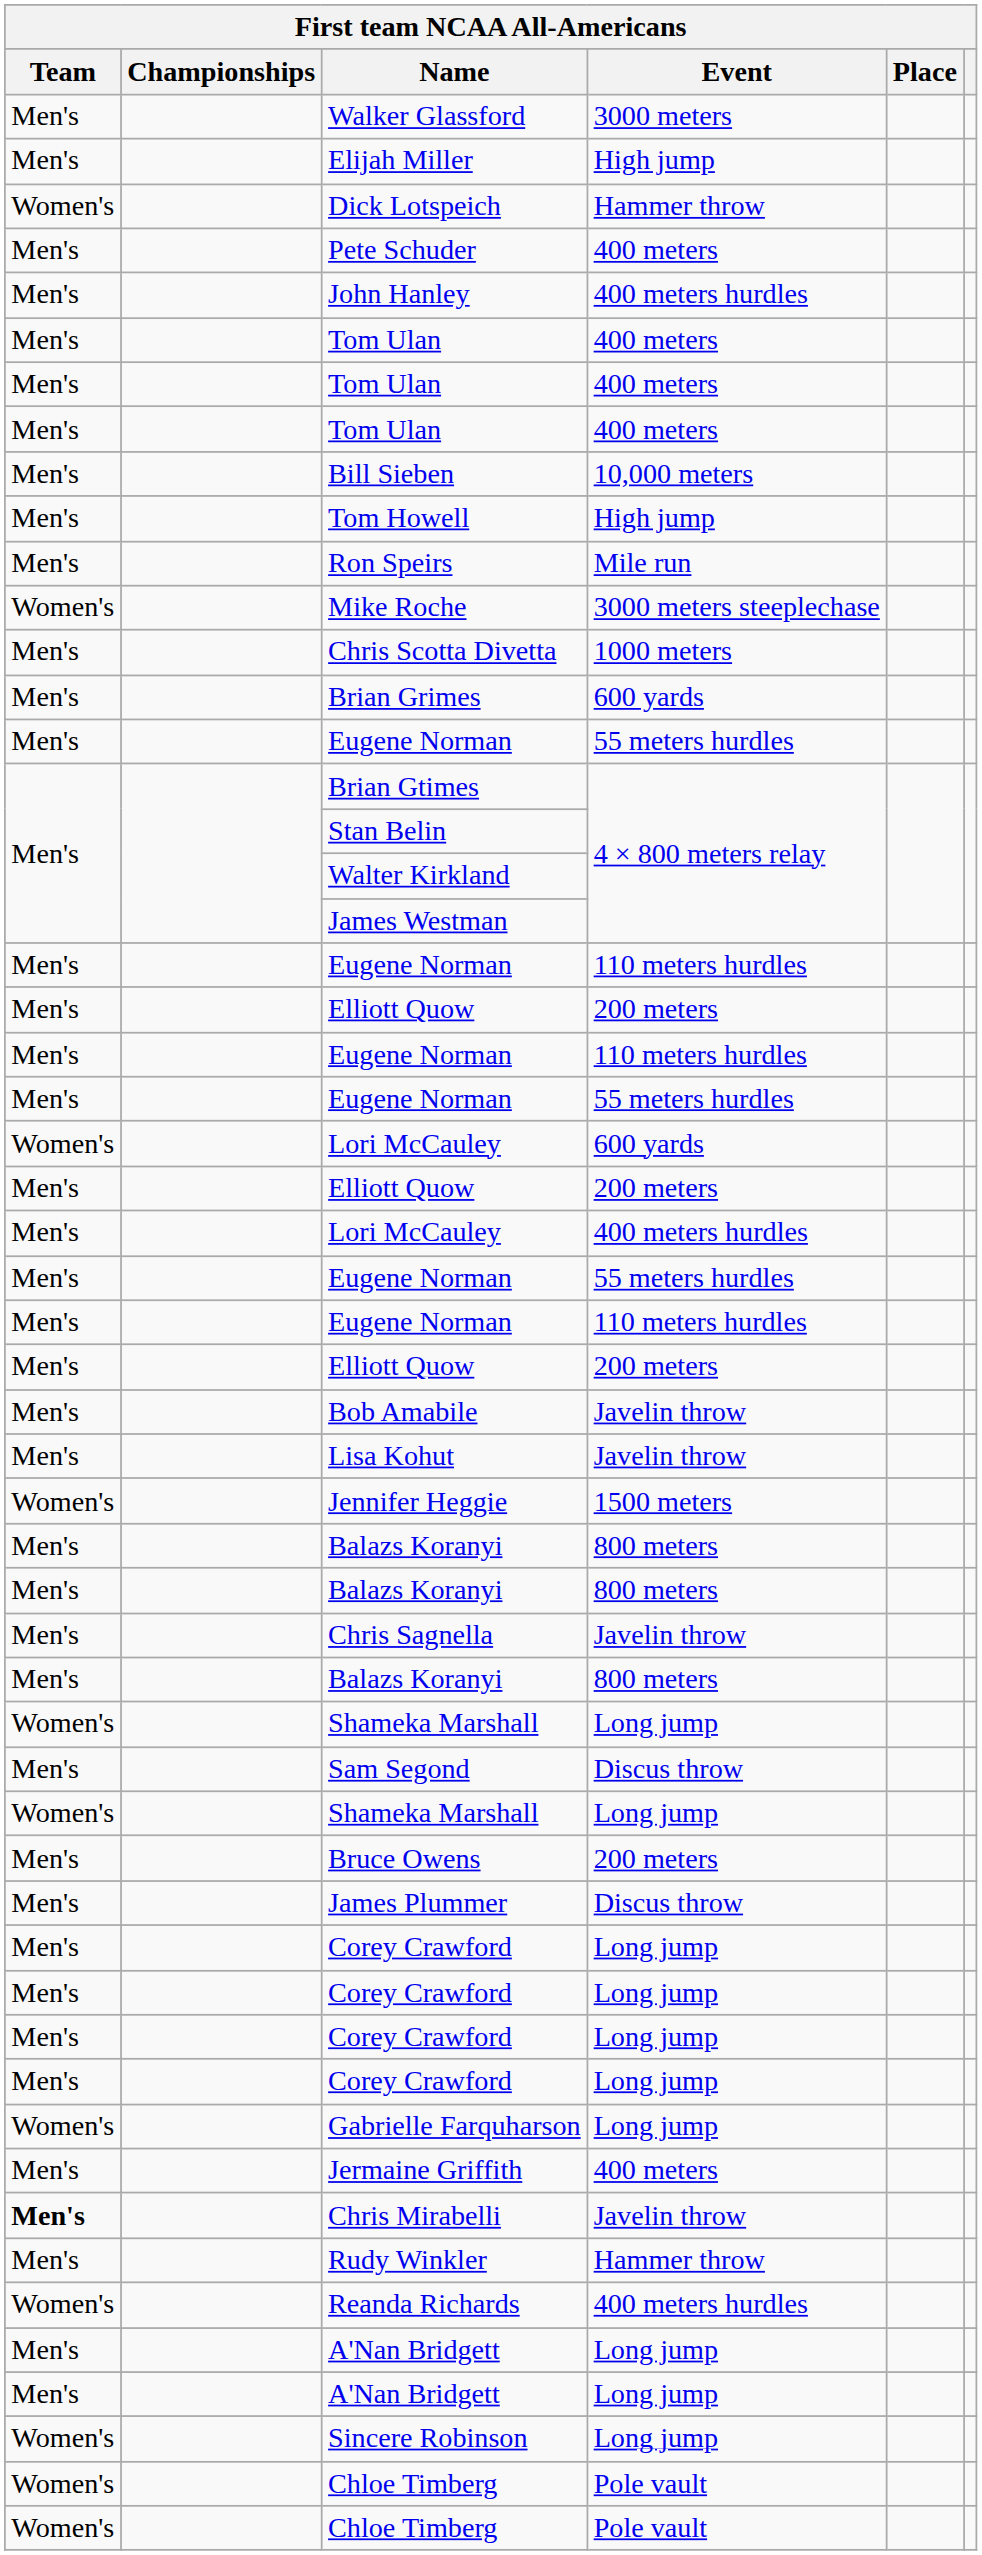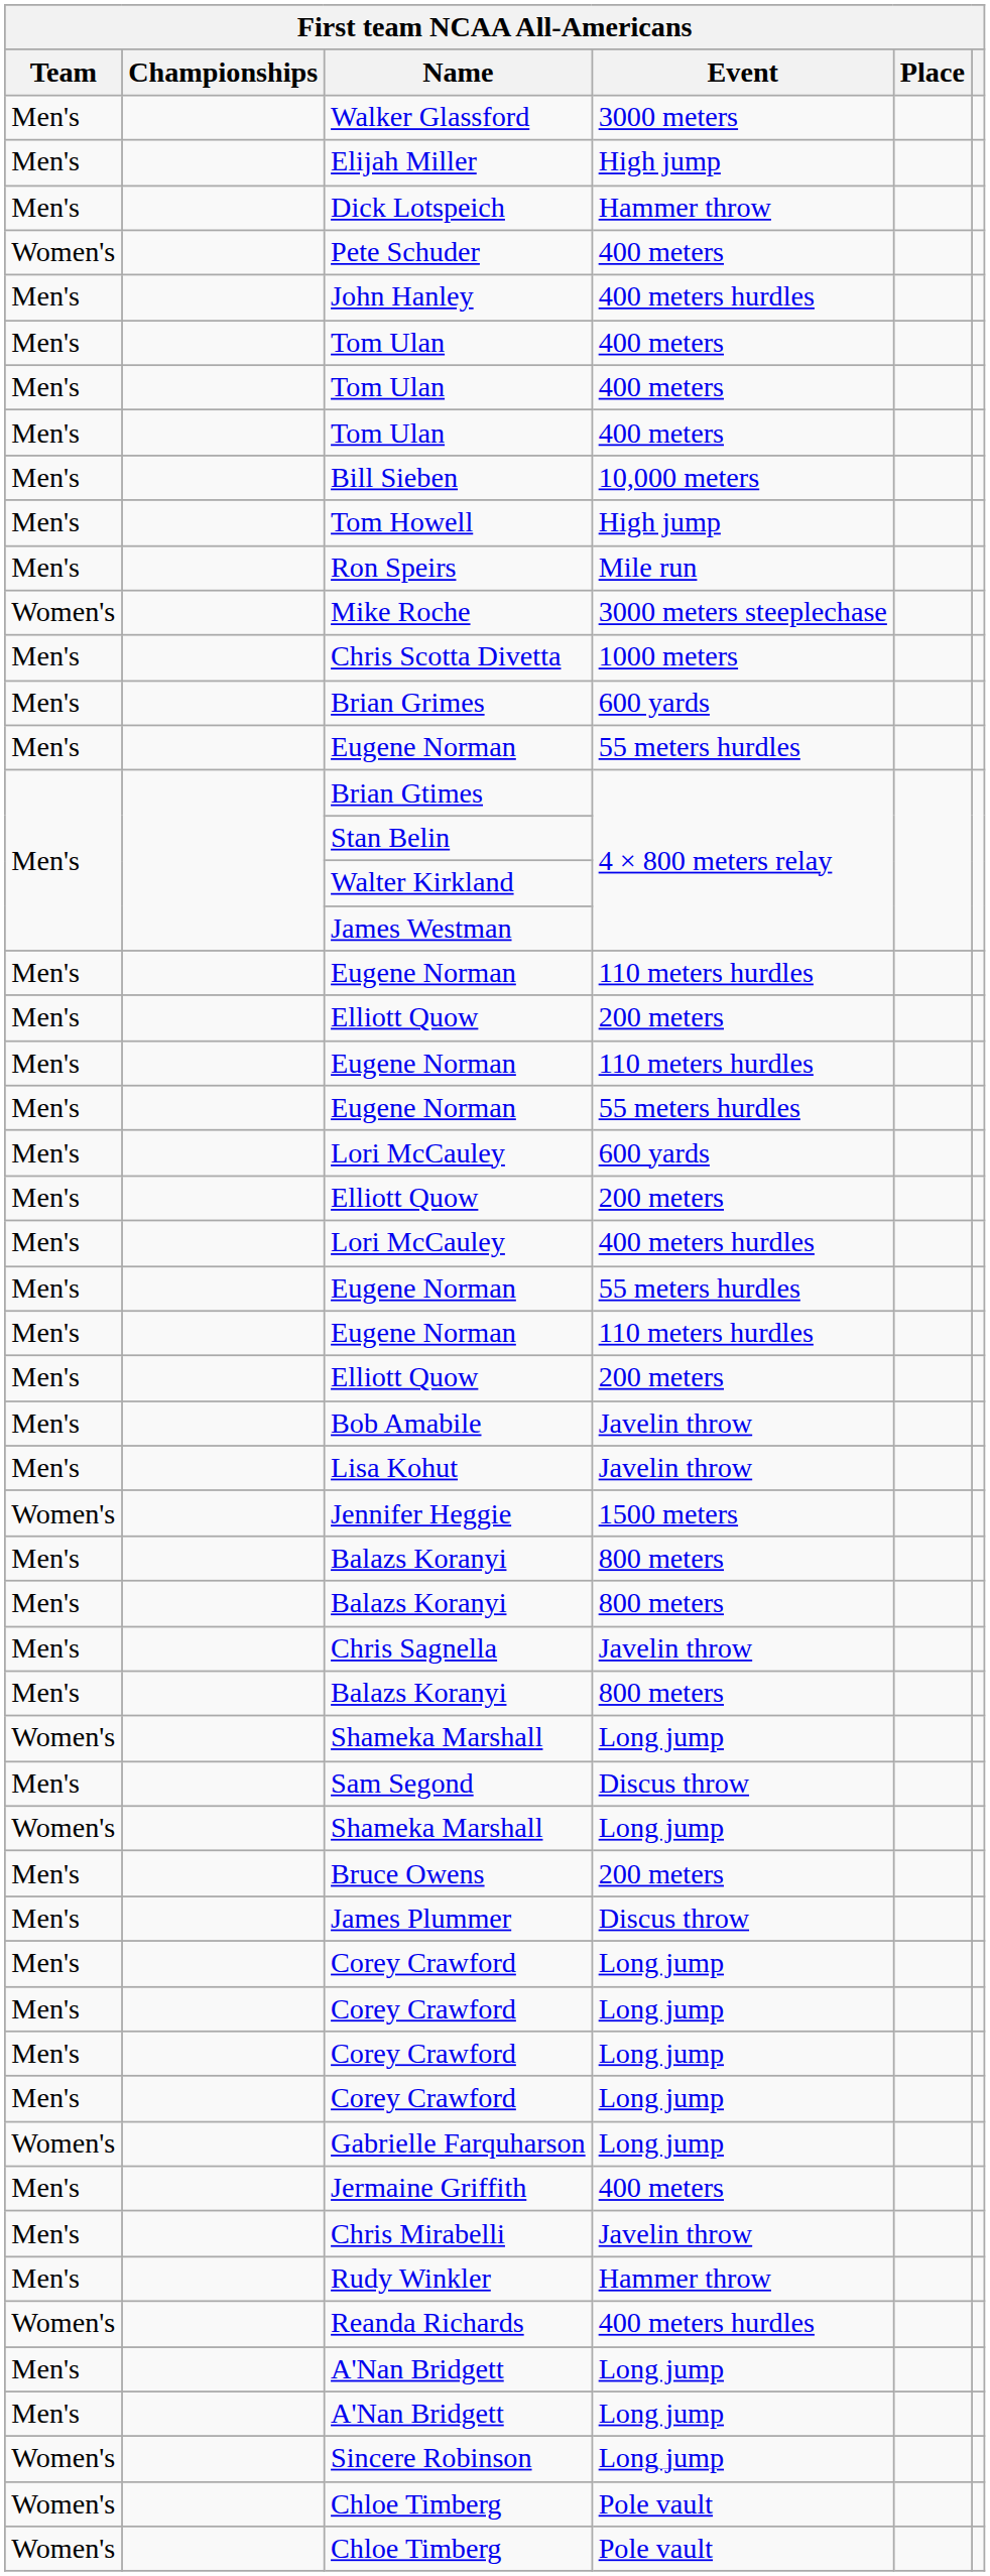 <table class="wikitable sortable">
 <tr>
 <th colspan="6">First team NCAA All-Americans</th>
 </tr>
 <tr>
 <th scope="col">Team</th>
 <th scope="col">Championships</th>
 <th scope="col">Name</th>
 <th scope="col">Event</th>
 <th scope="col">Place</th>
 <th scope="col"></th>
 </tr>
 <tr>
 <td>Men's</td>
 <td></td>
 <td><a href='#'>Walker Glassford</a></td>
 <td><a href='#'>3000 meters</a></td>
 <td></td>
 <td></td>
 </tr>
 <tr>
 <td>Men's</td>
 <td></td>
 <td><a href='#'>Elijah Miller</a></td>
 <td><a href='#'>High jump</a></td>
 <td></td>
 <td></td>
 </tr>
 <tr>
-<td>Women's</td>
+<td>Men's</td>
 <td></td>
 <td><a href='#'>Dick Lotspeich</a></td>
 <td><a href='#'>Hammer throw</a></td>
 <td></td>
 <td></td>
 </tr>
 <tr>
-<td>Men's</td>
+<td>Women's</td>
 <td></td>
 <td><a href='#'>Pete Schuder</a></td>
 <td><a href='#'>400 meters</a></td>
 <td></td>
 <td></td>
 </tr>
 <tr>
 <td>Men's</td>
 <td></td>
 <td><a href='#'>John Hanley</a></td>
 <td><a href='#'>400 meters hurdles</a></td>
 <td></td>
 <td></td>
 </tr>
 <tr>
 <td>Men's</td>
 <td></td>
 <td><a href='#'>Tom Ulan</a></td>
 <td><a href='#'>400 meters</a></td>
 <td></td>
 <td></td>
 </tr>
 <tr>
 <td>Men's</td>
 <td></td>
 <td><a href='#'>Tom Ulan</a></td>
 <td><a href='#'>400 meters</a></td>
 <td></td>
 <td></td>
 </tr>
 <tr>
 <td>Men's</td>
 <td></td>
 <td><a href='#'>Tom Ulan</a></td>
 <td><a href='#'>400 meters</a></td>
 <td></td>
 <td></td>
 </tr>
 <tr>
 <td>Men's</td>
 <td></td>
 <td><a href='#'>Bill Sieben</a></td>
 <td><a href='#'>10,000 meters</a></td>
 <td></td>
 <td></td>
 </tr>
 <tr>
 <td>Men's</td>
 <td></td>
 <td><a href='#'>Tom Howell</a></td>
 <td><a href='#'>High jump</a></td>
 <td></td>
 <td></td>
 </tr>
 <tr>
 <td>Men's</td>
 <td></td>
 <td><a href='#'>Ron Speirs</a></td>
 <td><a href='#'>Mile run</a></td>
 <td></td>
 <td></td>
 </tr>
 <tr>
 <td>Women's</td>
 <td></td>
 <td><a href='#'>Mike Roche</a></td>
 <td><a href='#'>3000 meters steeplechase</a></td>
 <td></td>
 <td></td>
 </tr>
 <tr>
 <td>Men's</td>
 <td></td>
 <td><a href='#'>Chris Scotta Divetta</a></td>
 <td><a href='#'>1000 meters</a></td>
 <td></td>
 <td></td>
 </tr>
 <tr>
 <td>Men's</td>
 <td></td>
 <td><a href='#'>Brian Grimes</a></td>
 <td><a href='#'>600 yards</a></td>
 <td></td>
 <td></td>
 </tr>
 <tr>
 <td>Men's</td>
 <td></td>
 <td><a href='#'>Eugene Norman</a></td>
 <td><a href='#'>55 meters hurdles</a></td>
 <td></td>
 <td></td>
 </tr>
 <tr>
 <td rowspan=4>Men's</td>
 <td rowspan=4></td>
 <td><a href='#'>Brian Gtimes</a></td>
 <td rowspan=4><a href='#'>4 × 800 meters relay</a></td>
 <td rowspan=4></td>
 <td rowspan=4></td>
 </tr>
 <tr>
 <td><a href='#'>Stan Belin</a></td>
 </tr>
 <tr>
 <td><a href='#'>Walter Kirkland</a></td>
 </tr>
 <tr>
 <td><a href='#'>James Westman</a></td>
 </tr>
 <tr>
 <td>Men's</td>
 <td></td>
 <td><a href='#'>Eugene Norman</a></td>
 <td><a href='#'>110 meters hurdles</a></td>
 <td></td>
 <td></td>
 </tr>
 <tr>
 <td>Men's</td>
 <td></td>
 <td><a href='#'>Elliott Quow</a></td>
 <td><a href='#'>200 meters</a></td>
 <td></td>
 <td></td>
 </tr>
 <tr>
 <td>Men's</td>
 <td></td>
 <td><a href='#'>Eugene Norman</a></td>
 <td><a href='#'>110 meters hurdles</a></td>
 <td></td>
 <td></td>
 </tr>
 <tr>
 <td>Men's</td>
 <td></td>
 <td><a href='#'>Eugene Norman</a></td>
 <td><a href='#'>55 meters hurdles</a></td>
 <td></td>
 <td></td>
 </tr>
 <tr>
-<td>Women's</td>
+<td>Men's</td>
 <td></td>
 <td><a href='#'>Lori McCauley</a></td>
 <td><a href='#'>600 yards</a></td>
 <td></td>
 <td></td>
 </tr>
 <tr>
 <td>Men's</td>
 <td></td>
 <td><a href='#'>Elliott Quow</a></td>
 <td><a href='#'>200 meters</a></td>
 <td></td>
 <td></td>
 </tr>
 <tr>
 <td>Men's</td>
 <td></td>
 <td><a href='#'>Lori McCauley</a></td>
 <td><a href='#'>400 meters hurdles</a></td>
 <td></td>
 <td></td>
 </tr>
 <tr>
 <td>Men's</td>
 <td></td>
 <td><a href='#'>Eugene Norman</a></td>
 <td><a href='#'>55 meters hurdles</a></td>
 <td></td>
 <td></td>
 </tr>
 <tr>
 <td>Men's</td>
 <td></td>
 <td><a href='#'>Eugene Norman</a></td>
 <td><a href='#'>110 meters hurdles</a></td>
 <td></td>
 <td></td>
 </tr>
 <tr>
 <td>Men's</td>
 <td></td>
 <td><a href='#'>Elliott Quow</a></td>
 <td><a href='#'>200 meters</a></td>
 <td></td>
 <td></td>
 </tr>
 <tr>
 <td>Men's</td>
 <td></td>
 <td><a href='#'>Bob Amabile</a></td>
 <td><a href='#'>Javelin throw</a></td>
 <td></td>
 <td></td>
 </tr>
 <tr>
 <td>Men's</td>
 <td></td>
 <td><a href='#'>Lisa Kohut</a></td>
 <td><a href='#'>Javelin throw</a></td>
 <td></td>
 <td></td>
 </tr>
 <tr>
 <td>Women's</td>
 <td></td>
 <td><a href='#'>Jennifer Heggie</a></td>
 <td><a href='#'>1500 meters</a></td>
 <td></td>
 <td></td>
 </tr>
 <tr>
 <td>Men's</td>
 <td></td>
 <td><a href='#'>Balazs Koranyi</a></td>
 <td><a href='#'>800 meters</a></td>
 <td></td>
 <td></td>
 </tr>
 <tr>
 <td>Men's</td>
 <td></td>
 <td><a href='#'>Balazs Koranyi</a></td>
 <td><a href='#'>800 meters</a></td>
 <td></td>
 <td></td>
 </tr>
 <tr>
 <td>Men's</td>
 <td></td>
 <td><a href='#'>Chris Sagnella</a></td>
 <td><a href='#'>Javelin throw</a></td>
 <td></td>
 <td></td>
 </tr>
 <tr>
 <td>Men's</td>
 <td></td>
 <td><a href='#'>Balazs Koranyi</a></td>
 <td><a href='#'>800 meters</a></td>
 <td></td>
 <td></td>
 </tr>
 <tr>
 <td>Women's</td>
 <td></td>
 <td><a href='#'>Shameka Marshall</a></td>
 <td><a href='#'>Long jump</a></td>
 <td></td>
 <td></td>
 </tr>
 <tr>
 <td>Men's</td>
 <td></td>
 <td><a href='#'>Sam Segond</a></td>
 <td><a href='#'>Discus throw</a></td>
 <td></td>
 <td></td>
 </tr>
 <tr>
 <td>Women's</td>
 <td></td>
 <td><a href='#'>Shameka Marshall</a></td>
 <td><a href='#'>Long jump</a></td>
 <td></td>
 <td></td>
 </tr>
 <tr>
 <td>Men's</td>
 <td></td>
 <td><a href='#'>Bruce Owens</a></td>
 <td><a href='#'>200 meters</a></td>
 <td></td>
 <td></td>
 </tr>
 <tr>
 <td>Men's</td>
 <td></td>
 <td><a href='#'>James Plummer</a></td>
 <td><a href='#'>Discus throw</a></td>
 <td></td>
 <td></td>
 </tr>
 <tr>
 <td>Men's</td>
 <td></td>
 <td><a href='#'>Corey Crawford</a></td>
 <td><a href='#'>Long jump</a></td>
 <td></td>
 <td></td>
 </tr>
 <tr>
 <td>Men's</td>
 <td></td>
 <td><a href='#'>Corey Crawford</a></td>
 <td><a href='#'>Long jump</a></td>
 <td></td>
 <td></td>
 </tr>
 <tr>
 <td>Men's</td>
 <td></td>
 <td><a href='#'>Corey Crawford</a></td>
 <td><a href='#'>Long jump</a></td>
 <td></td>
 <td></td>
 </tr>
 <tr>
 <td>Men's</td>
 <td></td>
 <td><a href='#'>Corey Crawford</a></td>
 <td><a href='#'>Long jump</a></td>
 <td></td>
 <td></td>
 </tr>
 <tr>
 <td>Women's</td>
 <td></td>
 <td><a href='#'>Gabrielle Farquharson</a></td>
 <td><a href='#'>Long jump</a></td>
 <td></td>
 <td></td>
 </tr>
 <tr>
 <td>Men's</td>
 <td></td>
 <td><a href='#'>Jermaine Griffith</a></td>
 <td><a href='#'>400 meters</a></td>
 <td></td>
 <td></td>
 </tr>
 <tr>
-<td><strong>Men's</strong></td>
+<td>Men's</td>
 <td></td>
 <td><a href='#'>Chris Mirabelli</a></td>
 <td><a href='#'>Javelin throw</a></td>
 <td></td>
 <td></td>
 </tr>
 <tr>
 <td>Men's</td>
 <td></td>
 <td><a href='#'>Rudy Winkler</a></td>
 <td><a href='#'>Hammer throw</a></td>
 <td></td>
 <td></td>
 </tr>
 <tr>
 <td>Women's</td>
 <td></td>
 <td><a href='#'>Reanda Richards</a></td>
 <td><a href='#'>400 meters hurdles</a></td>
 <td></td>
 <td></td>
 </tr>
 <tr>
 <td>Men's</td>
 <td></td>
 <td><a href='#'>A'Nan Bridgett</a></td>
 <td><a href='#'>Long jump</a></td>
 <td></td>
 <td></td>
 </tr>
 <tr>
 <td>Men's</td>
 <td></td>
 <td><a href='#'>A'Nan Bridgett</a></td>
 <td><a href='#'>Long jump</a></td>
 <td></td>
 <td></td>
 </tr>
 <tr>
 <td>Women's</td>
 <td></td>
 <td><a href='#'>Sincere Robinson</a></td>
 <td><a href='#'>Long jump</a></td>
 <td></td>
 <td></td>
 </tr>
 <tr>
 <td>Women's</td>
 <td></td>
 <td><a href='#'>Chloe Timberg</a></td>
 <td><a href='#'>Pole vault</a></td>
 <td></td>
 <td></td>
 </tr>
 <tr>
 <td>Women's</td>
 <td></td>
 <td><a href='#'>Chloe Timberg</a></td>
 <td><a href='#'>Pole vault</a></td>
 <td></td>
 <td></td>
 </tr>
 </table>
